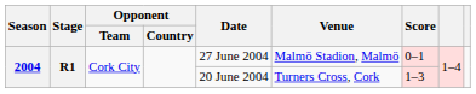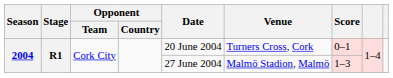 <table class="wikitable plainrowheaders">
 <tr>
 <th rowspan=2>Season</th>
 <th rowspan=2>Stage</th>
 <th scope="col" colspan=2>Opponent</th>
 <th scope="col" rowspan=2>Date</th>
 <th scope="col" rowspan=2>Venue</th>
 <th scope="col" rowspan=2>Score</th>
 <th scope="col" rowspan=2></th>
 <th scope="col" rowspan=2></th>
 </tr>
 <tr>
 <th scope="col">Team</th>
 <th scope="col">Country</th>
 </tr>
 <tr>
 <th scope=row rowspan="2"><a href='#'>2004</a></th>
 <th scope=row rowspan="2">R1</th>
 <td rowspan="2"><a href='#'>Cork City</a></td>
 <td rowspan="2"></td>
-<td>27 June 2004</td>
-<td><a href='#'>Malmö Stadion</a>, <a href='#'>Malmö</a></td>
+<td>20 June 2004</td>
+<td><a href='#'>Turners Cross</a>, <a href='#'>Cork</a></td>
 <td bgcolor="#ffdddd">0–1</td>
 <td rowspan="2" bgcolor="#ffdddd">1–4</td>
 <td rowspan="2" align=center></td>
 </tr>
 <tr>
-<td>20 June 2004</td>
-<td><a href='#'>Turners Cross</a>, <a href='#'>Cork</a></td>
+<td>27 June 2004</td>
+<td><a href='#'>Malmö Stadion</a>, <a href='#'>Malmö</a></td>
 <td bgcolor="#ffdddd">1–3</td>
 </tr>
 </table>
